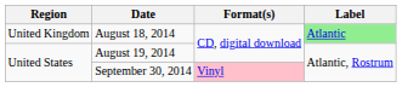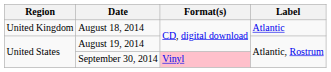 <table class="wikitable">
 <tr>
 <th>Region</th>
 <th>Date</th>
 <th>Format(s)</th>
 <th>Label</th>
 </tr>
 <tr>
 <td>United Kingdom</td>
 <td>August 18, 2014</td>
 <td rowspan="2"><a href='#'>CD</a>, <a href='#'>digital download</a></td>
-<td style="background: lightgreen;"><a href='#'>Atlantic</a></td>
+<td><a href='#'>Atlantic</a></td>
 </tr>
 <tr>
 <td rowspan="2">United States</td>
 <td>August 19, 2014</td>
 <td rowspan="2">Atlantic, <a href='#'>Rostrum</a></td>
 </tr>
 <tr>
 <td>September 30, 2014</td>
 <td style="background: pink;"><a href='#'>Vinyl</a></td>
 </tr>
 </table>
